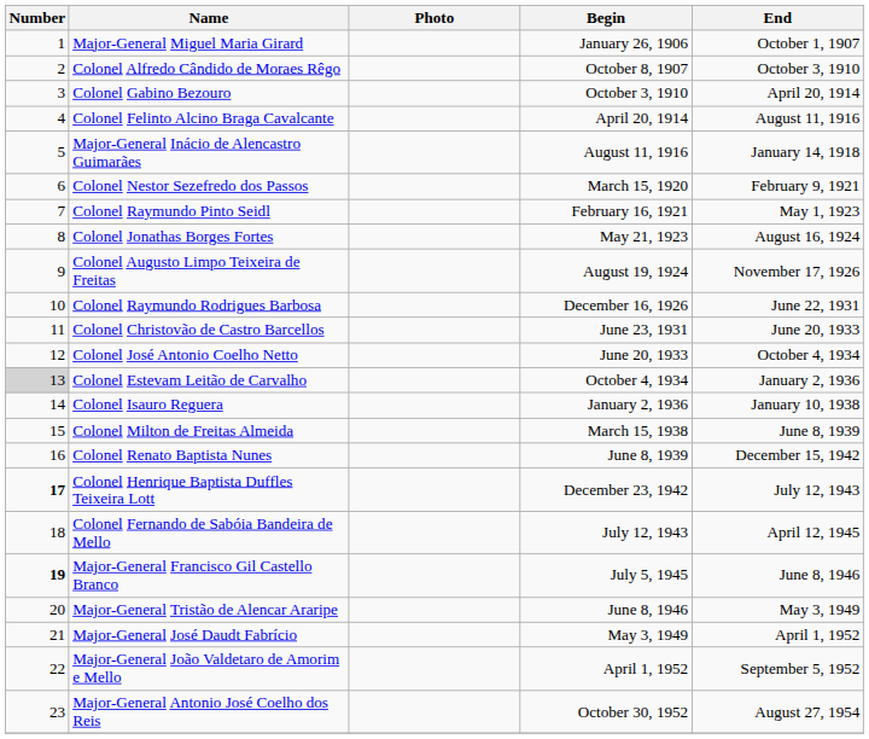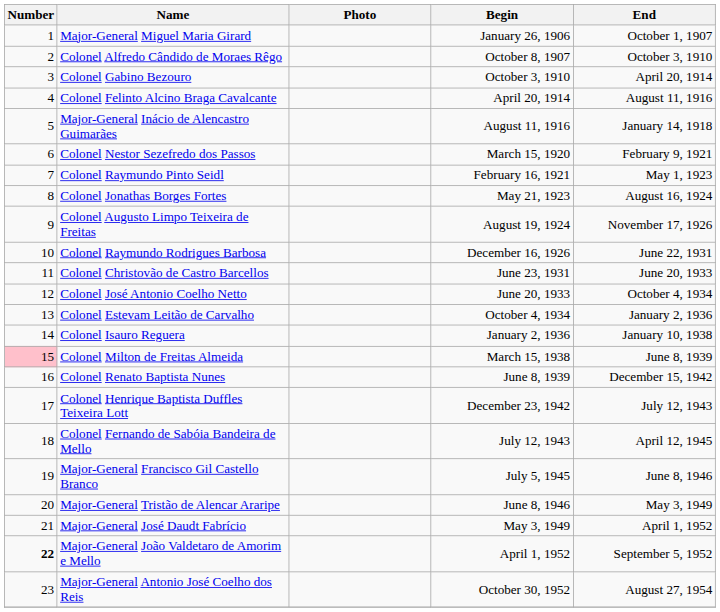 <table class="wikitable">
 <tr>
 <th width="5%">Number</th>
 <th>Name</th>
 <th width="20%">Photo</th>
 <th width="20%">Begin</th>
 <th width="20%">End</th>
 </tr>
 <tr>
 <td align=right>1</td>
 <td rowspan=1><a href='#'>Major-General</a> <a href='#'>Miguel Maria Girard</a></td>
 <td align=center></td>
 <td align=right>January 26, 1906</td>
 <td align=right>October 1, 1907</td>
 </tr>
 <tr>
 <td align=right>2</td>
 <td><a href='#'>Colonel</a> <a href='#'>Alfredo Cândido de Moraes Rêgo</a></td>
 <td align=center></td>
 <td align=right>October 8, 1907</td>
 <td align=right>October 3, 1910</td>
 </tr>
 <tr>
 <td align=right>3</td>
 <td><a href='#'>Colonel</a> <a href='#'>Gabino Bezouro</a></td>
 <td align=center></td>
 <td align=right>October 3, 1910</td>
 <td align=right>April 20, 1914</td>
 </tr>
 <tr>
 <td align=right>4</td>
 <td><a href='#'>Colonel</a> <a href='#'>Felinto Alcino Braga Cavalcante</a></td>
 <td align=center></td>
 <td align=right>April 20, 1914</td>
 <td align=right>August 11, 1916</td>
 </tr>
 <tr>
 <td align=right>5</td>
 <td><a href='#'>Major-General</a> <a href='#'>Inácio de Alencastro Guimarães</a></td>
 <td align=center></td>
 <td align=right>August 11, 1916</td>
 <td align=right>January 14, 1918</td>
 </tr>
 <tr>
 <td align=right>6</td>
 <td rowspan=1><a href='#'>Colonel</a> <a href='#'>Nestor Sezefredo dos Passos</a></td>
 <td align=center></td>
 <td align=right>March 15, 1920</td>
 <td align=right>February 9, 1921</td>
 </tr>
 <tr>
 <td align=right>7</td>
 <td><a href='#'>Colonel</a> <a href='#'>Raymundo Pinto Seidl</a></td>
 <td align=center></td>
 <td align=right>February 16, 1921</td>
 <td align=right>May 1, 1923</td>
 </tr>
 <tr>
 <td align=right>8</td>
 <td><a href='#'>Colonel</a> <a href='#'>Jonathas Borges Fortes</a></td>
 <td align=center></td>
 <td align=right>May 21, 1923</td>
 <td align=right>August 16, 1924</td>
 </tr>
 <tr>
 <td align=right>9</td>
 <td><a href='#'>Colonel</a> <a href='#'>Augusto Limpo Teixeira de Freitas</a></td>
 <td align=center></td>
 <td align=right>August 19, 1924</td>
 <td align=right>November 17, 1926</td>
 </tr>
 <tr>
 <td align=right>10</td>
 <td><a href='#'>Colonel</a> <a href='#'>Raymundo Rodrigues Barbosa</a></td>
 <td align=center></td>
 <td align=right>December 16, 1926</td>
 <td align=right>June 22, 1931</td>
 </tr>
 <tr>
 <td align=right>11</td>
 <td><a href='#'>Colonel</a> <a href='#'>Christovão de Castro Barcellos</a></td>
 <td align=center></td>
 <td align=right>June 23, 1931</td>
 <td align=right>June 20, 1933</td>
 </tr>
 <tr>
 <td align=right>12</td>
 <td><a href='#'>Colonel</a> <a href='#'>José Antonio Coelho Netto</a></td>
 <td align=center></td>
 <td align=right>June 20, 1933</td>
 <td align=right>October 4, 1934</td>
 </tr>
 <tr>
-<td align=right style="background: lightgrey;">13</td>
+<td align=right>13</td>
 <td><a href='#'>Colonel</a> <a href='#'>Estevam Leitão de Carvalho</a></td>
 <td align=center></td>
 <td align=right>October 4, 1934</td>
 <td align=right>January 2, 1936</td>
 </tr>
 <tr>
 <td align=right>14</td>
 <td><a href='#'>Colonel</a> <a href='#'>Isauro Reguera</a></td>
 <td align=center></td>
 <td align=right>January 2, 1936</td>
 <td align=right>January 10, 1938</td>
 </tr>
 <tr>
-<td align=right>15</td>
+<td align=right style="background: pink;">15</td>
 <td><a href='#'>Colonel</a> <a href='#'>Milton de Freitas Almeida</a></td>
 <td align=center></td>
 <td align=right>March 15, 1938</td>
 <td align=right>June 8, 1939</td>
 </tr>
 <tr>
 <td align=right>16</td>
 <td><a href='#'>Colonel</a> <a href='#'>Renato Baptista Nunes</a></td>
 <td align=center></td>
 <td align=right>June 8, 1939</td>
 <td align=right>December 15, 1942</td>
 </tr>
 <tr>
-<td align=right><strong>17</strong></td>
+<td align=right>17</td>
 <td><a href='#'>Colonel</a> <a href='#'>Henrique Baptista Duffles Teixeira Lott</a></td>
 <td align=center></td>
 <td align=right>December 23, 1942</td>
 <td align=right>July 12, 1943</td>
 </tr>
 <tr>
 <td align=right>18</td>
 <td><a href='#'>Colonel</a> <a href='#'>Fernando de Sabóia Bandeira de Mello</a></td>
 <td align=center></td>
 <td align=right>July 12, 1943</td>
 <td align=right>April 12, 1945</td>
 </tr>
 <tr>
-<td align=right><strong>19</strong></td>
+<td align=right>19</td>
 <td><a href='#'>Major-General</a> <a href='#'>Francisco Gil Castello Branco</a></td>
 <td align=center></td>
 <td align=right>July 5, 1945</td>
 <td align=right>June 8, 1946</td>
 </tr>
 <tr>
 <td align=right>20</td>
 <td><a href='#'>Major-General</a> <a href='#'>Tristão de Alencar Araripe</a></td>
 <td align=center></td>
 <td align=right>June 8, 1946</td>
 <td align=right>May 3, 1949</td>
 </tr>
 <tr>
 <td align=right>21</td>
 <td><a href='#'>Major-General</a> <a href='#'>José Daudt Fabrício</a></td>
 <td align=center></td>
 <td align=right>May 3, 1949</td>
 <td align=right>April 1, 1952</td>
 </tr>
 <tr>
-<td align=right>22</td>
+<td align=right><strong>22</strong></td>
 <td><a href='#'>Major-General</a> <a href='#'>João Valdetaro de Amorim e Mello</a></td>
 <td align=center></td>
 <td align=right>April 1, 1952</td>
 <td align=right>September 5, 1952</td>
 </tr>
 <tr>
 <td align=right>23</td>
 <td><a href='#'>Major-General</a> <a href='#'>Antonio José Coelho dos Reis</a></td>
 <td align=center></td>
 <td align=right>October 30, 1952</td>
 <td align=right>August 27, 1954</td>
 </tr>
 <tr>
 </tr>
 </table>
